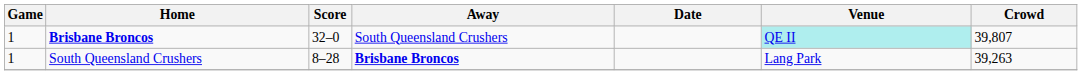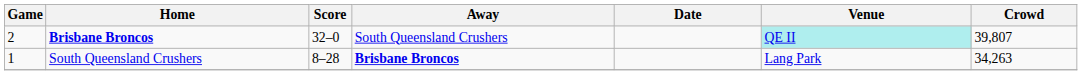 <table class="wikitable sortable">
 <tr>
 <th width=2%>Game</th>
 <th width=25%>Home</th>
 <th width=4%>Score</th>
 <th width=25%>Away</th>
 <th width=14%>Date</th>
 <th width=20%>Venue</th>
 <th width=10%>Crowd</th>
 </tr>
 <tr>
-<td>1</td>
+<td>2</td>
 <td align=left><strong> <a href='#'>Brisbane Broncos</a></strong></td>
 <td>32–0</td>
 <td align=left> <a href='#'>South Queensland Crushers</a></td>
 <td></td>
 <td style="background: paleturquoise;"><a href='#'>QE II</a></td>
 <td>39,807</td>
 </tr>
 <tr>
 <td>1</td>
 <td align=left> <a href='#'>South Queensland Crushers</a></td>
 <td>8–28</td>
 <td align=left><strong> <a href='#'>Brisbane Broncos</a></strong></td>
 <td></td>
 <td><a href='#'>Lang Park</a></td>
-<td>39,263</td>
+<td>34,263</td>
 </tr>
 <tr>
 </tr>
 </table>
